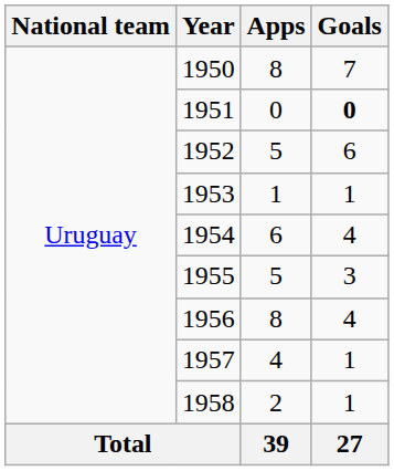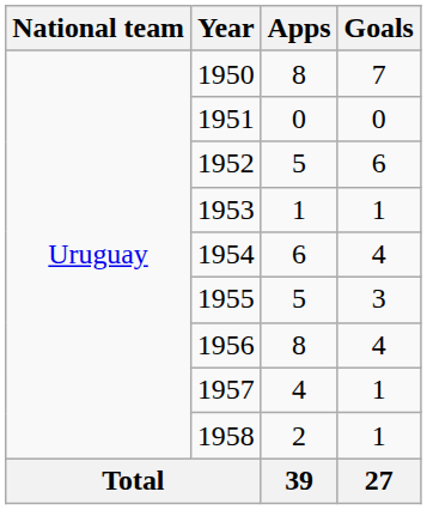 <table class=wikitable style=text-align:center>
 <tr>
 <th>National team</th>
 <th>Year</th>
 <th>Apps</th>
 <th>Goals</th>
 </tr>
 <tr>
 <td rowspan=9><a href='#'>Uruguay</a></td>
 <td>1950</td>
 <td>8</td>
 <td>7</td>
 </tr>
 <tr>
 <td>1951</td>
 <td>0</td>
-<td><strong>0</strong></td>
+<td>0</td>
 </tr>
 <tr>
 <td>1952</td>
 <td>5</td>
 <td>6</td>
 </tr>
 <tr>
 <td>1953</td>
 <td>1</td>
 <td>1</td>
 </tr>
 <tr>
 <td>1954</td>
 <td>6</td>
 <td>4</td>
 </tr>
 <tr>
 <td>1955</td>
 <td>5</td>
 <td>3</td>
 </tr>
 <tr>
 <td>1956</td>
 <td>8</td>
 <td>4</td>
 </tr>
 <tr>
 <td>1957</td>
 <td>4</td>
 <td>1</td>
 </tr>
 <tr>
 <td>1958</td>
 <td>2</td>
 <td>1</td>
 </tr>
 <tr>
 <th colspan=2>Total</th>
 <th>39</th>
 <th>27</th>
 </tr>
 </table>
